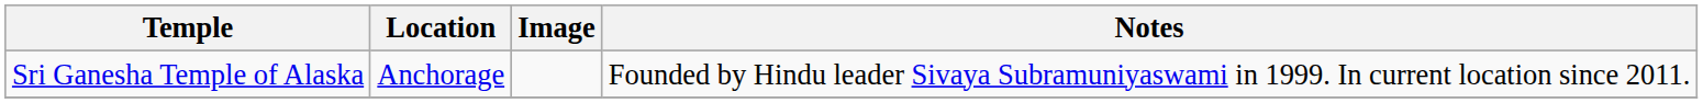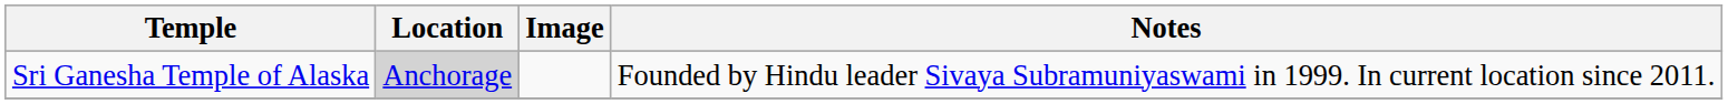 <table class="wikitable sortable" id="tableTempleWikiAK">
 <tr>
 <th>Temple</th>
 <th>Location</th>
 <th>Image</th>
 <th>Notes</th>
 </tr>
 <tr>
 <td><a href='#'>Sri Ganesha Temple of Alaska</a></td>
-<td><a href='#'>Anchorage</a><br><small></small></td>
+<td style="background: lightgrey;"><a href='#'>Anchorage</a><br><small></small></td>
 <td></td>
 <td>Founded by Hindu leader <a href='#'>Sivaya Subramuniyaswami</a> in 1999. In current location since 2011.</td>
 </tr>
 <tr>
 </tr>
 </table>
